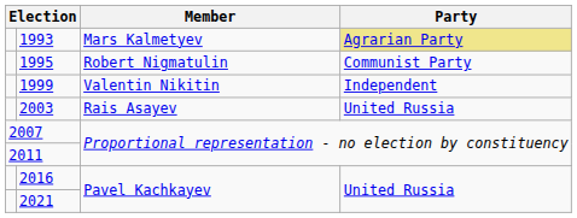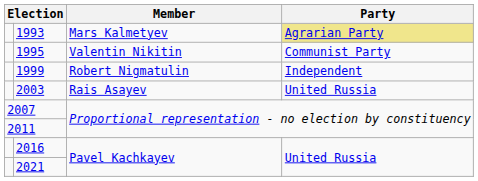 <table class="wikitable">
 <tr>
 <th colspan="2">Election</th>
 <th>Member</th>
 <th>Party</th>
 </tr>
 <tr>
 <td style="background-color:"></td>
 <td><a href='#'>1993</a></td>
 <td><a href='#'>Mars Kalmetyev</a></td>
 <td style="background: khaki;"><a href='#'>Agrarian Party</a></td>
 </tr>
 <tr>
 <td style="background-color:"></td>
 <td><a href='#'>1995</a></td>
-<td><a href='#'>Robert Nigmatulin</a></td>
+<td><a href='#'>Valentin Nikitin</a></td>
 <td><a href='#'>Communist Party</a></td>
 </tr>
 <tr>
 <td style="background-color:"></td>
 <td><a href='#'>1999</a></td>
-<td><a href='#'>Valentin Nikitin</a></td>
+<td><a href='#'>Robert Nigmatulin</a></td>
 <td><a href='#'>Independent</a></td>
 </tr>
 <tr>
 <td style="background-color:"></td>
 <td><a href='#'>2003</a></td>
 <td><a href='#'>Rais Asayev</a></td>
 <td><a href='#'>United Russia</a></td>
 </tr>
 <tr>
 <td colspan=2><a href='#'>2007</a></td>
 <td colspan=2 rowspan=2><em><a href='#'>Proportional representation</a> - no election by constituency</em></td>
 </tr>
 <tr>
 <td colspan=2><a href='#'>2011</a></td>
 </tr>
 <tr>
 <td style="background-color: "></td>
 <td><a href='#'>2016</a></td>
 <td rowspan=2><a href='#'>Pavel Kachkayev</a></td>
 <td rowspan=2><a href='#'>United Russia</a></td>
 </tr>
 <tr>
 <td style="background-color: "></td>
 <td><a href='#'>2021</a></td>
 </tr>
 </table>
